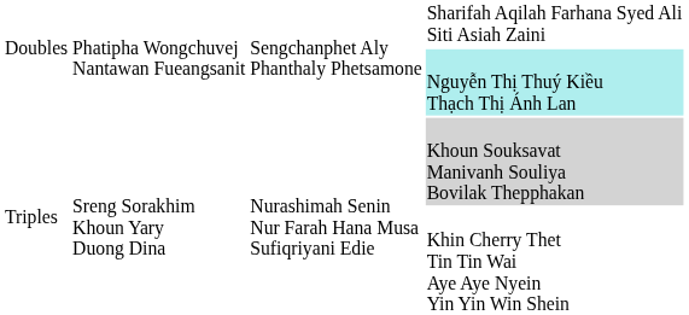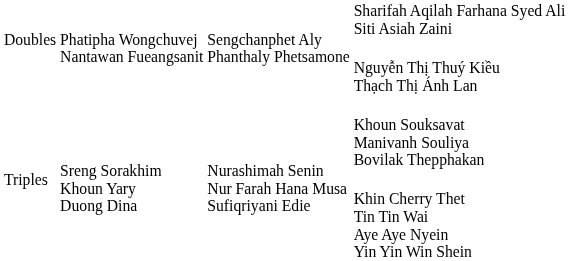 <table>
 <tr>
 <td rowspan=2>Doubles</td>
 <td rowspan=2 nowrap=true><br>Phatipha Wongchuvej<br>Nantawan Fueangsanit</td>
 <td rowspan=2 nowrap=true><br>Sengchanphet Aly<br>Phanthaly Phetsamone</td>
 <td nowrap=true><br>Sharifah Aqilah Farhana Syed Ali<br>Siti Asiah Zaini</td>
 </tr>
 <tr>
-<td style="background: paleturquoise;"><br>Nguyễn Thị Thuý Kiều<br>Thạch Thị Ánh Lan</td>
+<td><br>Nguyễn Thị Thuý Kiều<br>Thạch Thị Ánh Lan</td>
 </tr>
 <tr>
 <td rowspan=2>Triples</td>
 <td rowspan=2><br>Sreng Sorakhim<br>Khoun Yary<br>Duong Dina</td>
 <td rowspan=2><br>Nurashimah Senin<br>Nur Farah Hana Musa<br>Sufiqriyani Edie</td>
-<td style="background: lightgrey;"><br>Khoun Souksavat<br>Manivanh Souliya<br>Bovilak Thepphakan</td>
+<td><br>Khoun Souksavat<br>Manivanh Souliya<br>Bovilak Thepphakan</td>
 </tr>
 <tr>
 <td><br>Khin Cherry Thet<br>Tin Tin Wai<br>Aye Aye Nyein<br>Yin Yin Win Shein</td>
 </tr>
 </table>
